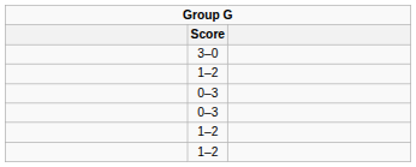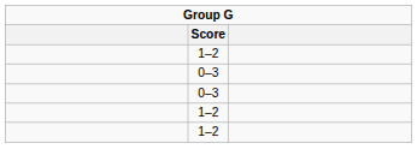 <table class="wikitable" style="text-align: center; display: inline-table;">
 <tr>
 <td colspan="3"><strong>Group G</strong></td>
 </tr>
 <tr>
 <th scope="col" style="width: 230px;"></th>
 <th scope="col" style="width: 30px;">Score</th>
 <th scope="col" style="width: 230px;"></th>
-</tr>
-<tr>
-<td></td>
-<td>3–0</td>
-<td></td>
 </tr>
 <tr>
 <td></td>
 <td>1–2</td>
 <td></td>
 </tr>
 <tr>
 <td></td>
 <td>0–3</td>
 <td></td>
 </tr>
 <tr>
 <td></td>
 <td>0–3</td>
 <td></td>
 </tr>
 <tr>
 <td></td>
 <td>1–2</td>
 <td></td>
 </tr>
 <tr>
 <td></td>
 <td>1–2</td>
 <td></td>
 </tr>
 </table>
